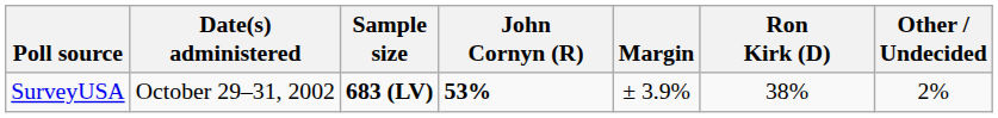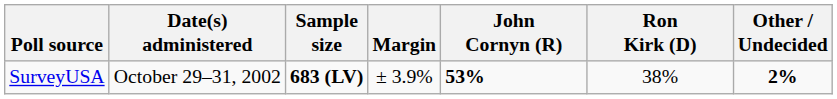 <table class="wikitable" style="font-size:90%">
 <tr valign=bottom>
 <th>Poll source</th>
 <th>Date(s)<br>administered</th>
 <th>Sample<br>size</th>
+<th>Margin<br></th>
 <th style="width:100px;">John<br>Cornyn (R)</th>
-<th>Margin<br></th>
 <th style="width:100px;">Ron<br>Kirk (D)</th>
 <th>Other /<br>Undecided</th>
 </tr>
 <tr>
 <td><a href='#'>SurveyUSA</a></td>
 <td align=center>October 29–31, 2002</td>
 <td align=center><strong>683 (LV)</strong></td>
+<td align=center>± 3.9%</td>
 <td><strong>53%</strong></td>
-<td align=center>± 3.9%</td>
 <td align=center>38%</td>
-<td align=center>2%</td>
+<td align=center><strong>2%</strong></td>
 </tr>
 </table>
